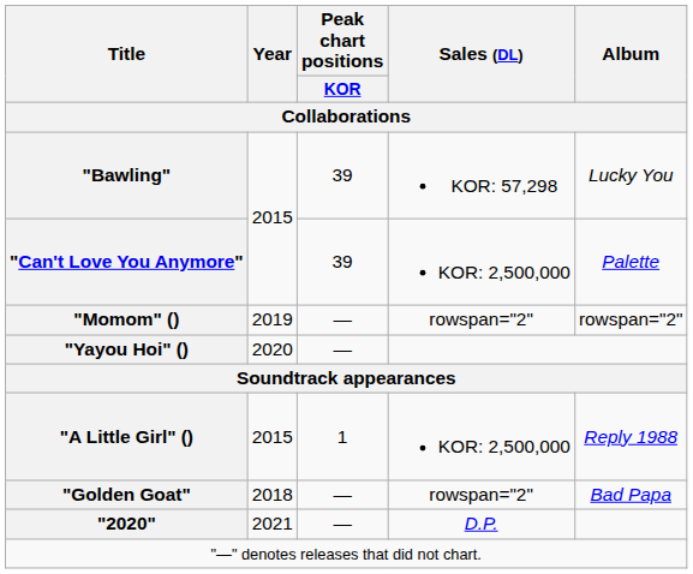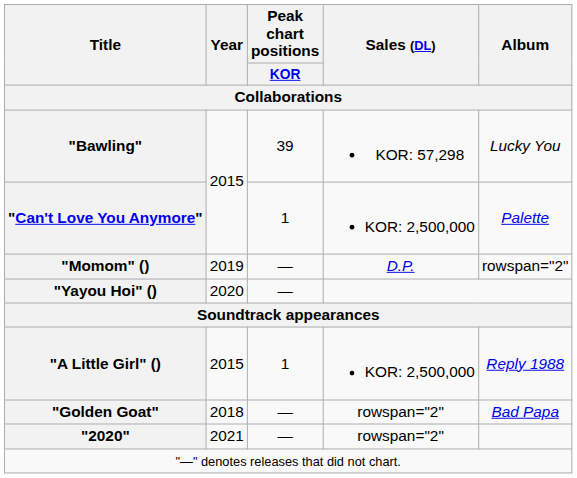 <table class="wikitable plainrowheaders" style="text-align:center;">
 <tr>
 <th scope="col" rowspan="2">Title</th>
 <th scope="col" rowspan="2">Year</th>
 <th scope="col" colspan="1">Peak chart <br> positions</th>
 <th scope="col" rowspan="2">Sales <small>(<a href='#'>DL</a>)</small></th>
 <th scope="col" rowspan="2">Album</th>
 </tr>
 <tr>
 <th scope="col" style="width:3.5em;font-size:90%;"><a href='#'>KOR</a><br></th>
 </tr>
 <tr>
 <th scope="col" colspan="5">Collaborations</th>
 </tr>
 <tr>
 <th scope="row">"Bawling"<br></th>
 <td rowspan="2">2015</td>
 <td>39</td>
 <td><br><ul><li>KOR: 57,298</li></ul></td>
 <td><em>Lucky You</em></td>
 </tr>
 <tr>
 <th scope="row">"<a href='#'>Can't Love You Anymore</a>"<br></th>
-<td>39</td>
+<td>1</td>
 <td><br><ul><li>KOR: 2,500,000</li></ul></td>
 <td><em><a href='#'>Palette</a></em></td>
 </tr>
 <tr>
 <th scope="row">"Momom" ()<br></th>
 <td>2019</td>
 <td>—</td>
-<td>rowspan="2" </td>
+<td><em><a href='#'>D.P.</a></em></td>
 <td>rowspan="2" </td>
 </tr>
 <tr>
 <th scope="row">"Yayou Hoi" ()<br></th>
 <td>2020</td>
 <td>—</td>
 </tr>
 <tr>
 <th scope="col" colspan="5">Soundtrack appearances</th>
 </tr>
 <tr>
 <th scope="row">"A Little Girl" ()</th>
 <td>2015</td>
 <td>1</td>
 <td><br><ul><li>KOR: 2,500,000</li></ul></td>
 <td><em><a href='#'>Reply 1988</a></em></td>
 </tr>
 <tr>
 <th scope="row">"Golden Goat"</th>
 <td>2018</td>
 <td>—</td>
 <td>rowspan="2" </td>
 <td><em><a href='#'>Bad Papa</a></em></td>
 </tr>
 <tr>
 <th scope="row">"2020" <br></th>
 <td>2021</td>
 <td>—</td>
-<td><em><a href='#'>D.P.</a></em></td>
+<td>rowspan="2" </td>
 </tr>
 <tr>
 <td colspan="5" align="center"><small>"—" denotes releases that did not chart.</small></td>
 </tr>
 </table>
